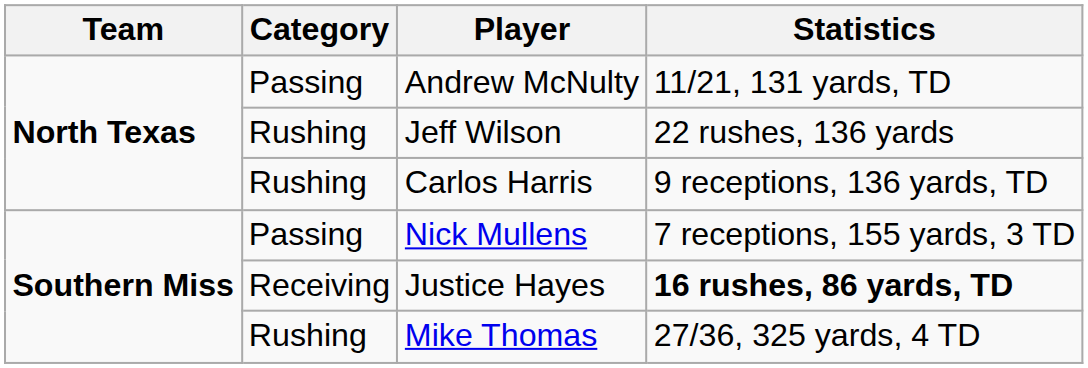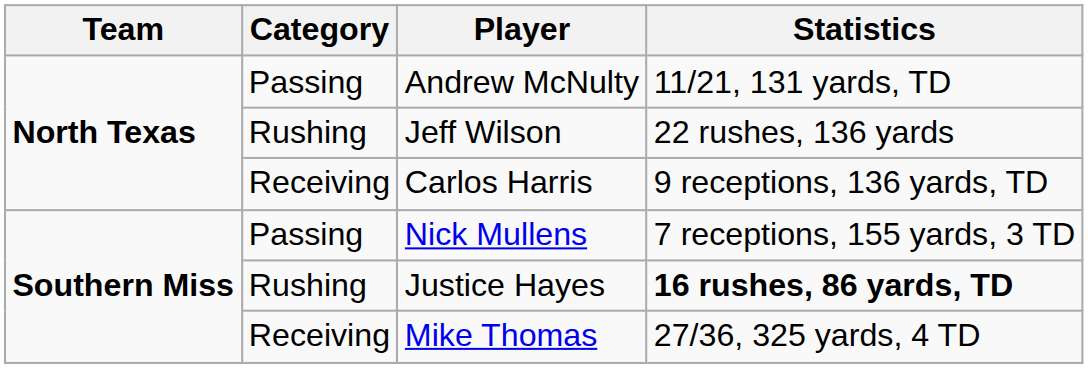 <table class="wikitable" style="float: left;">
 <tr>
 <th>Team</th>
 <th>Category</th>
 <th>Player</th>
 <th>Statistics</th>
 </tr>
 <tr>
 <td rowspan=3><strong>North Texas</strong></td>
 <td>Passing</td>
 <td>Andrew McNulty</td>
 <td>11/21, 131 yards, TD</td>
 </tr>
 <tr>
 <td>Rushing</td>
 <td>Jeff Wilson</td>
 <td>22 rushes, 136 yards</td>
 </tr>
 <tr>
-<td>Rushing</td>
+<td>Receiving</td>
 <td>Carlos Harris</td>
 <td>9 receptions, 136 yards, TD</td>
 </tr>
 <tr>
 <td rowspan=3><strong>Southern Miss</strong></td>
 <td>Passing</td>
 <td><a href='#'>Nick Mullens</a></td>
 <td>7 receptions, 155 yards, 3 TD</td>
 </tr>
 <tr>
-<td>Receiving</td>
+<td>Rushing</td>
 <td>Justice Hayes</td>
 <td><strong>16 rushes, 86 yards, TD</strong></td>
 </tr>
 <tr>
-<td>Rushing</td>
+<td>Receiving</td>
 <td><a href='#'>Mike Thomas</a></td>
 <td>27/36, 325 yards, 4 TD</td>
 </tr>
 </table>
